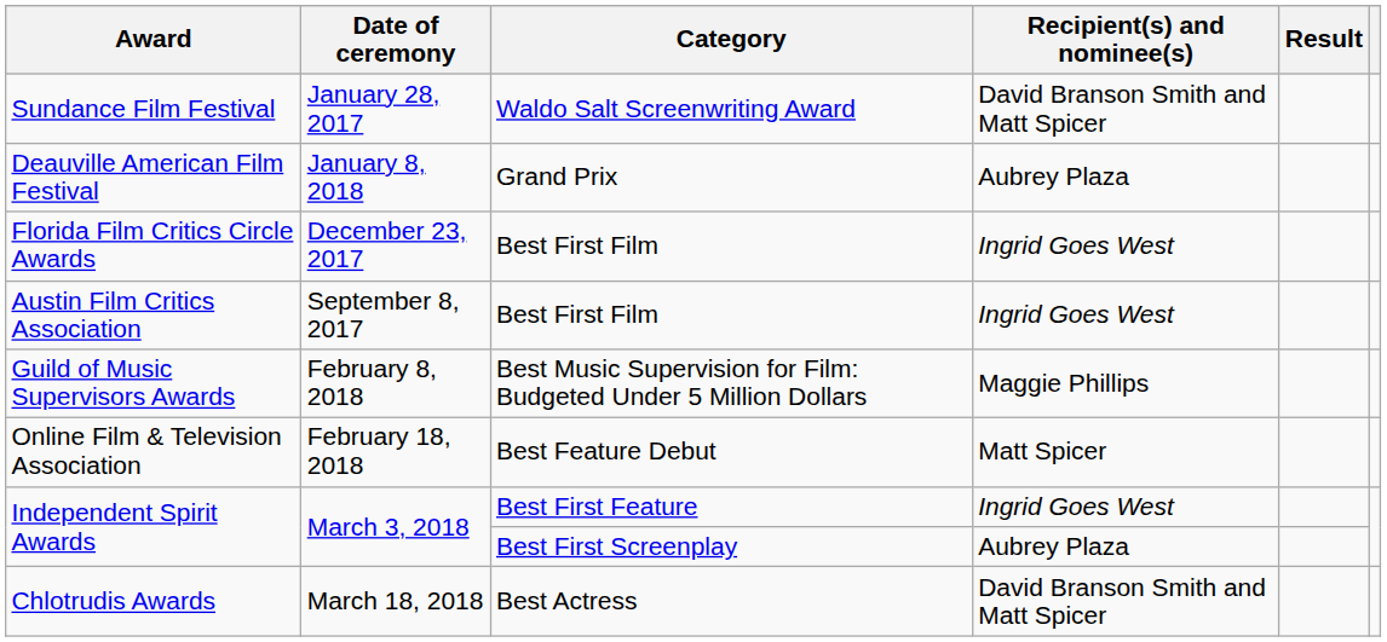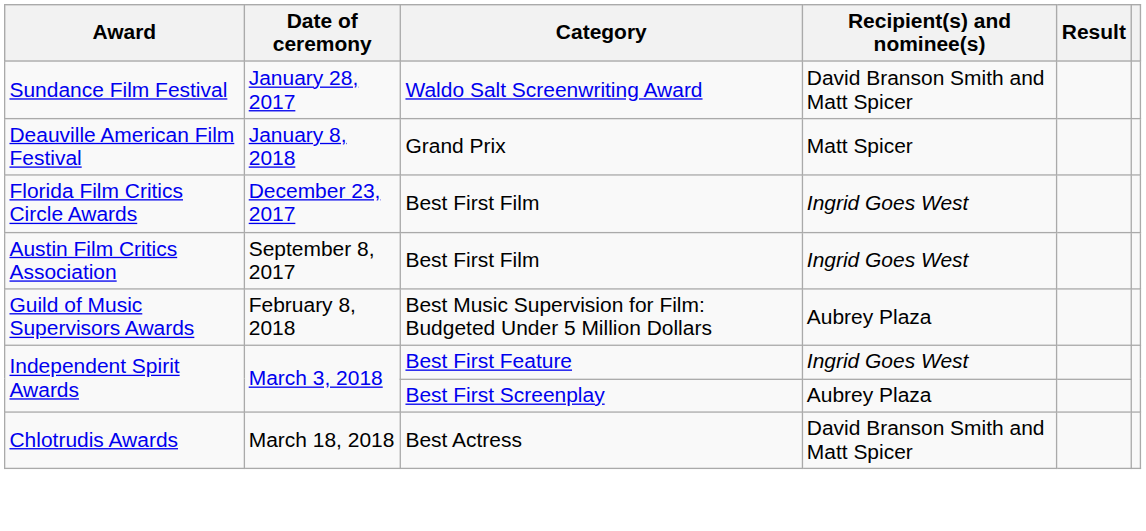 <table class="wikitable">
 <tr style="background:#ccc; text-align:center;">
 <th scope="col">Award</th>
 <th scope="col">Date of ceremony</th>
 <th scope="col">Category</th>
 <th scope="col">Recipient(s) and nominee(s)</th>
 <th scope="col">Result</th>
 <th scope="col" class="unsortable"></th>
 </tr>
 <tr>
 <td><a href='#'>Sundance Film Festival</a></td>
 <td><a href='#'>January 28, 2017</a></td>
 <td><a href='#'>Waldo Salt Screenwriting Award</a></td>
 <td>David Branson Smith and Matt Spicer</td>
 <td></td>
 <td style="text-align:center;"></td>
 </tr>
 <tr>
 <td><a href='#'>Deauville American Film Festival</a></td>
 <td><a href='#'>January 8, 2018</a></td>
 <td>Grand Prix</td>
-<td>Aubrey Plaza</td>
+<td>Matt Spicer</td>
 <td></td>
 <td style="text-align:center;"></td>
 </tr>
 <tr>
 <td><a href='#'>Florida Film Critics Circle Awards</a></td>
 <td><a href='#'>December 23, 2017</a></td>
 <td>Best First Film</td>
 <td><em>Ingrid Goes West</em></td>
 <td></td>
 <td style="text-align:center;"></td>
 </tr>
 <tr>
 <td scope="row"><a href='#'>Austin Film Critics Association</a></td>
 <td>September 8, 2017</td>
 <td>Best First Film</td>
 <td><em>Ingrid Goes West</em></td>
 <td></td>
 <td style="text-align:center;"></td>
 </tr>
 <tr>
 <td scope="row"><a href='#'>Guild of Music Supervisors Awards</a></td>
 <td>February 8, 2018</td>
 <td>Best Music Supervision for Film: Budgeted Under 5 Million Dollars</td>
-<td>Maggie Phillips</td>
-<td></td>
-<td style="text-align:center;"></td>
-</tr>
-<tr>
-<td>Online Film & Television Association</td>
-<td>February 18, 2018</td>
-<td>Best Feature Debut</td>
-<td>Matt Spicer</td>
+<td>Aubrey Plaza</td>
 <td></td>
 <td style="text-align:center;"></td>
 </tr>
 <tr>
 <td rowspan=2><a href='#'>Independent Spirit Awards</a></td>
 <td rowspan=2><a href='#'>March 3, 2018</a></td>
 <td><a href='#'>Best First Feature</a></td>
 <td><em>Ingrid Goes West</em></td>
 <td></td>
 <td rowspan="2" style="text-align:center;"></td>
 </tr>
 <tr>
 <td><a href='#'>Best First Screenplay</a></td>
 <td>Aubrey Plaza</td>
 <td></td>
 </tr>
 <tr>
 <td><a href='#'>Chlotrudis Awards</a></td>
 <td>March 18, 2018</td>
 <td>Best Actress</td>
 <td>David Branson Smith and Matt Spicer</td>
 <td></td>
 <td style="text-align:center;"></td>
 </tr>
 </table>
